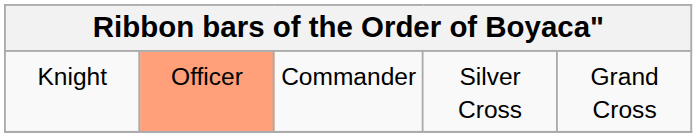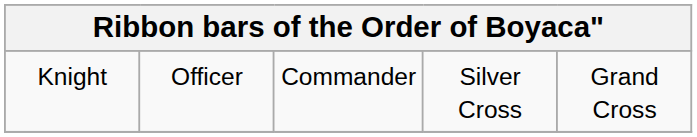 <table align=center class=wikitable width=60%>
 <tr>
 <th colspan=5>Ribbon bars of the Order of Boyaca"</th>
 </tr>
 <tr>
 <td width=20% valign=top align=center><small>Knight</small></td>
-<td width=20% valign=top align=center style="background: lightsalmon;"><small>Officer</small></td>
+<td width=20% valign=top align=center><small>Officer</small></td>
 <td width=20% valign=top align=center><small>Commander</small></td>
 <td width=20% valign=top align=center><small>Silver Cross</small></td>
 <td width=20% valign=top align=center><small>Grand Cross</small></td>
 </tr>
 <tr>
 </tr>
 </table>
